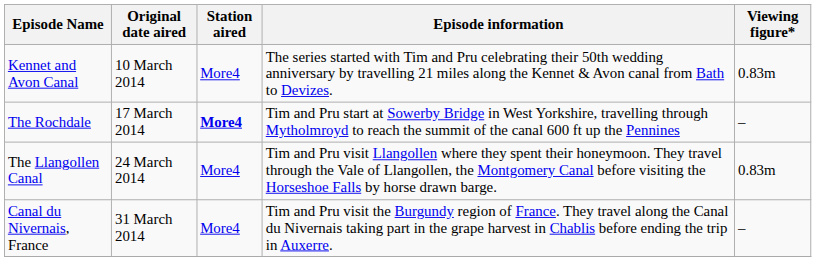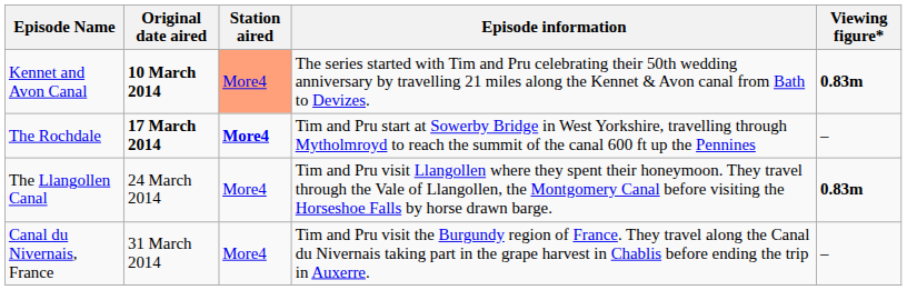 <table class="wikitable sortable">
 <tr>
 <th>Episode Name</th>
 <th>Original date aired</th>
 <th>Station aired</th>
 <th>Episode information</th>
 <th>Viewing figure*</th>
 </tr>
 <tr>
 <td><a href='#'>Kennet and Avon Canal</a></td>
-<td>10 March 2014</td>
-<td><a href='#'>More4</a></td>
+<td><strong>10 March 2014</strong></td>
+<td style="background: lightsalmon;"><a href='#'>More4</a></td>
 <td>The series started with Tim and Pru celebrating their 50th wedding anniversary by travelling 21 miles along the Kennet & Avon canal from <a href='#'>Bath</a> to <a href='#'>Devizes</a>.</td>
-<td>0.83m</td>
+<td><strong>0.83m</strong></td>
 </tr>
 <tr>
 <td><a href='#'>The Rochdale</a></td>
-<td>17 March 2014</td>
+<td><strong>17 March 2014</strong></td>
 <td><strong><a href='#'>More4</a></strong></td>
 <td>Tim and Pru start at <a href='#'>Sowerby Bridge</a> in West Yorkshire, travelling through <a href='#'>Mytholmroyd</a> to reach the summit of the canal 600 ft up the <a href='#'>Pennines</a></td>
 <td>–</td>
 </tr>
 <tr>
 <td>The <a href='#'>Llangollen Canal</a></td>
 <td>24 March 2014</td>
 <td><a href='#'>More4</a></td>
 <td>Tim and Pru visit <a href='#'>Llangollen</a> where they spent their honeymoon. They travel through the Vale of Llangollen, the <a href='#'>Montgomery Canal</a> before visiting the <a href='#'>Horseshoe Falls</a> by horse drawn barge.</td>
-<td>0.83m</td>
+<td><strong>0.83m</strong></td>
 </tr>
 <tr>
 <td><a href='#'>Canal du Nivernais</a>, France</td>
 <td>31 March 2014</td>
 <td><a href='#'>More4</a></td>
 <td>Tim and Pru visit the <a href='#'>Burgundy</a> region of <a href='#'>France</a>. They travel along the Canal du Nivernais taking part in the grape harvest in <a href='#'>Chablis</a> before ending the trip in <a href='#'>Auxerre</a>.</td>
 <td>–</td>
 </tr>
 <tr>
 </tr>
 </table>
